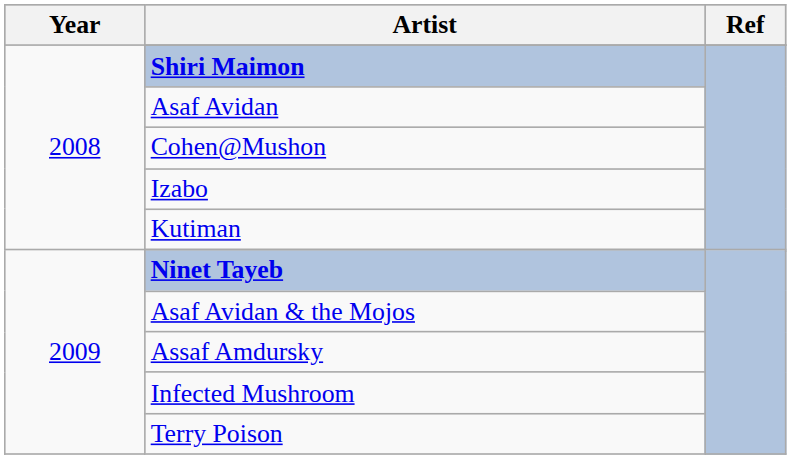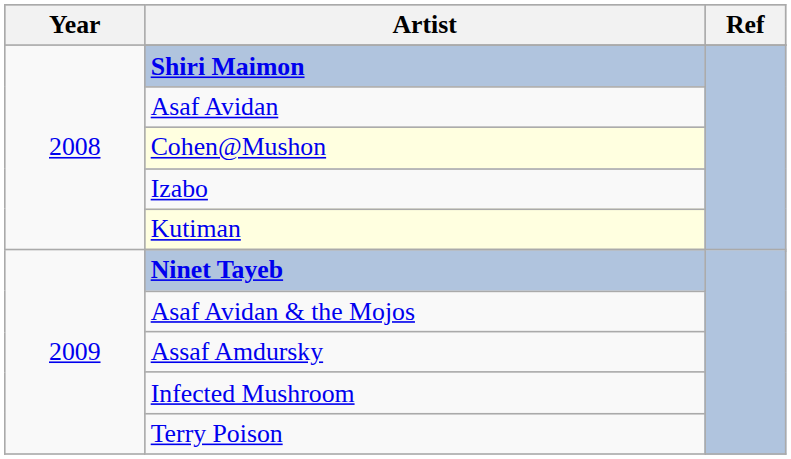 <table class="wikitable" style="width:55%;">
 <tr style="background:#bebebe;">
 <th style="width:10%;">Year</th>
 <th style="width:40%;">Artist</th>
 <th style="width:5%;">Ref</th>
 </tr>
 <tr>
 <td rowspan="6" align="center"><a href='#'>2008</a></td>
 </tr>
 <tr style="background:#B0C4DE">
 <td><strong><a href='#'>Shiri Maimon</a></strong></td>
 <td rowspan="6" align="center"></td>
 </tr>
 <tr>
 <td><a href='#'>Asaf Avidan</a></td>
 </tr>
 <tr>
-<td><a href='#'>Cohen@Mushon</a></td>
+<td style="background: lightyellow;"><a href='#'>Cohen@Mushon</a></td>
 </tr>
 <tr>
 <td><a href='#'>Izabo</a></td>
 </tr>
 <tr>
-<td><a href='#'>Kutiman</a></td>
+<td style="background: lightyellow;"><a href='#'>Kutiman</a></td>
 </tr>
 <tr>
 <td rowspan="6" align="center"><a href='#'>2009</a></td>
 </tr>
 <tr style="background:#B0C4DE">
 <td><strong><a href='#'>Ninet Tayeb</a></strong></td>
 <td rowspan="6" align="center"></td>
 </tr>
 <tr>
 <td><a href='#'>Asaf Avidan & the Mojos</a></td>
 </tr>
 <tr>
 <td><a href='#'>Assaf Amdursky</a></td>
 </tr>
 <tr>
 <td><a href='#'>Infected Mushroom</a></td>
 </tr>
 <tr>
 <td><a href='#'>Terry Poison</a></td>
 </tr>
 </table>
